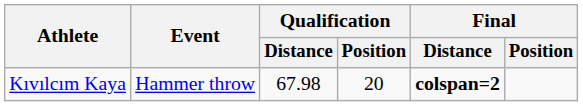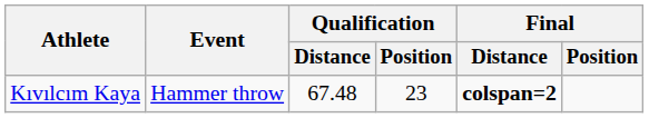 <table class=wikitable style="font-size:90%">
 <tr>
 <th rowspan="2">Athlete</th>
 <th rowspan="2">Event</th>
 <th colspan="2">Qualification</th>
 <th colspan="2">Final</th>
 </tr>
 <tr style="font-size:95%">
 <th>Distance</th>
 <th>Position</th>
 <th>Distance</th>
 <th>Position</th>
 </tr>
 <tr style=text-align:center>
 <td style=text-align:left><a href='#'>Kıvılcım Kaya</a></td>
 <td style=text-align:left><a href='#'>Hammer throw</a></td>
-<td>67.98</td>
-<td>20</td>
+<td>67.48</td>
+<td>23</td>
 <td><strong>colspan=2 </strong></td>
 </tr>
 </table>
